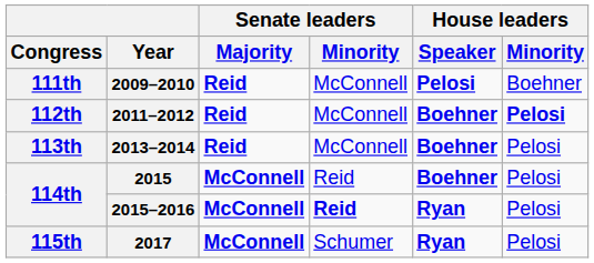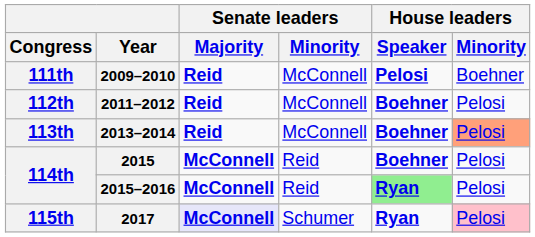 <table class="wikitable" style="margin-left:1em">
 <tr>
 <th colspan=2></th>
 <th colspan=2>Senate leaders</th>
 <th colspan=2>House leaders</th>
 </tr>
 <tr>
 <th>Congress</th>
 <th>Year</th>
 <th><a href='#'>Majority</a></th>
 <th><a href='#'>Minority</a></th>
 <th><a href='#'>Speaker</a></th>
 <th><a href='#'>Minority</a></th>
 </tr>
 <tr>
 <th><a href='#'>111th</a></th>
 <th><small>2009–2010</small></th>
 <td><strong><a href='#'>Reid</a></strong></td>
 <td><a href='#'>McConnell</a></td>
 <td><strong><a href='#'>Pelosi</a></strong></td>
 <td><a href='#'>Boehner</a></td>
 </tr>
 <tr>
 <th><a href='#'>112th</a></th>
 <th><small>2011–2012</small></th>
 <td><strong><a href='#'>Reid</a></strong></td>
 <td><a href='#'>McConnell</a></td>
 <td><strong><a href='#'>Boehner</a></strong></td>
-<td><strong><a href='#'>Pelosi</a></strong></td>
+<td><a href='#'>Pelosi</a></td>
 </tr>
 <tr>
 <th><a href='#'>113th</a></th>
 <th><small>2013–2014</small></th>
 <td><strong><a href='#'>Reid</a></strong></td>
 <td><a href='#'>McConnell</a></td>
 <td><strong><a href='#'>Boehner</a></strong></td>
-<td><a href='#'>Pelosi</a></td>
+<td style="background: lightsalmon;"><a href='#'>Pelosi</a></td>
 </tr>
 <tr>
 <th rowspan=2 ><a href='#'>114th</a></th>
 <th><small>2015</small></th>
 <td><strong><a href='#'>McConnell</a></strong></td>
 <td><a href='#'>Reid</a></td>
 <td><strong><a href='#'>Boehner</a></strong></td>
 <td><a href='#'>Pelosi</a></td>
 </tr>
 <tr>
 <th><small>2015–2016</small></th>
 <td><strong><a href='#'>McConnell</a></strong></td>
-<td><strong><a href='#'>Reid</a></strong></td>
-<td><strong><a href='#'>Ryan</a></strong></td>
+<td><a href='#'>Reid</a></td>
+<td style="background: lightgreen;"><strong><a href='#'>Ryan</a></strong></td>
 <td><a href='#'>Pelosi</a></td>
 </tr>
 <tr>
 <th><a href='#'>115th</a></th>
 <th><small>2017</small></th>
-<td><strong><a href='#'>McConnell</a></strong></td>
+<td style="background: lavender;"><strong><a href='#'>McConnell</a></strong></td>
 <td><a href='#'>Schumer</a></td>
 <td><strong><a href='#'>Ryan</a></strong></td>
-<td><a href='#'>Pelosi</a></td>
+<td style="background: pink;"><a href='#'>Pelosi</a></td>
 </tr>
 </table>
